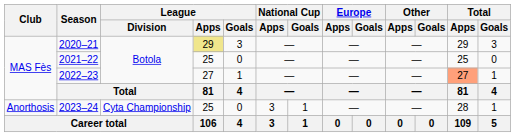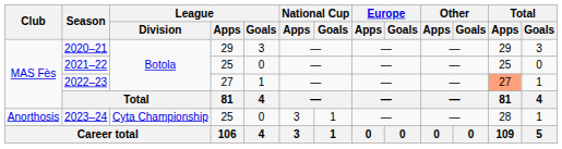 <table class="wikitable" style="font-size:85%; text-align: center">
 <tr>
 <th rowspan=2>Club</th>
 <th rowspan=2>Season</th>
 <th colspan=3>League</th>
 <th colspan=2>National Cup</th>
 <th colspan=2><a href='#'>Europe</a></th>
 <th colspan=2>Other</th>
 <th colspan=2>Total</th>
 </tr>
 <tr>
 <th>Division</th>
 <th>Apps</th>
 <th>Goals</th>
 <th>Apps</th>
 <th>Goals</th>
 <th>Apps</th>
 <th>Goals</th>
 <th>Apps</th>
 <th>Goals</th>
 <th>Apps</th>
 <th>Goals</th>
 </tr>
 <tr>
 <td rowspan="4"><a href='#'>MAS Fès</a></td>
 <td><a href='#'>2020–21</a></td>
 <td rowspan="3"><a href='#'>Botola</a></td>
-<td style="background: khaki;">29</td>
+<td>29</td>
 <td>3</td>
 <td colspan="2">—</td>
 <td colspan="2">—</td>
 <td colspan="2">—</td>
 <td>29</td>
 <td>3</td>
 </tr>
 <tr>
 <td><a href='#'>2021–22</a></td>
 <td>25</td>
 <td>0</td>
 <td colspan="2">—</td>
 <td colspan="2">—</td>
 <td colspan="2">—</td>
 <td>25</td>
 <td>0</td>
 </tr>
 <tr>
 <td><a href='#'>2022–23</a></td>
 <td>27</td>
 <td>1</td>
 <td colspan="2">—</td>
 <td colspan="2">—</td>
 <td colspan="2">—</td>
 <td style="background: lightsalmon;">27</td>
 <td>1</td>
 </tr>
 <tr>
 <th colspan="2">Total</th>
 <th>81</th>
 <th>4</th>
 <th colspan="2">—</th>
 <th colspan="2">—</th>
 <th colspan="2">—</th>
 <th>81</th>
 <th>4</th>
 </tr>
 <tr>
 <td><a href='#'>Anorthosis</a></td>
 <td><a href='#'>2023–24</a></td>
 <td><a href='#'>Cyta Championship</a></td>
 <td>25</td>
 <td>0</td>
 <td>3</td>
 <td>1</td>
 <td colspan="2">—</td>
 <td colspan="2">—</td>
 <td>28</td>
 <td>1</td>
 </tr>
 <tr>
 <th colspan="3">Career total</th>
 <th>106</th>
 <th>4</th>
 <th>3</th>
 <th>1</th>
 <th>0</th>
 <th>0</th>
 <th>0</th>
 <th>0</th>
 <th>109</th>
 <th>5</th>
 </tr>
 </table>
